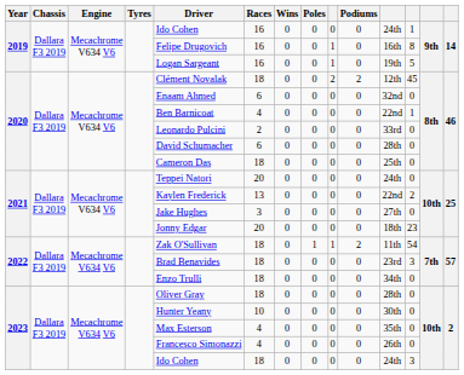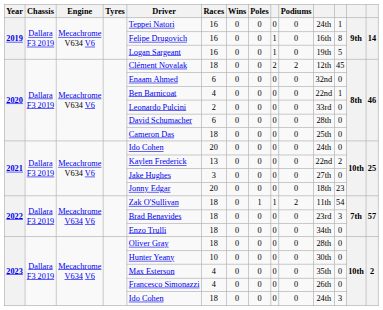 <table class="wikitable" style="text-align:center; font-size:85%">
 <tr valign="top">
 <th>Year</th>
 <th>Chassis</th>
 <th>Engine</th>
 <th>Tyres</th>
 <th>Driver</th>
 <th>Races</th>
 <th>Wins</th>
 <th>Poles</th>
 <th></th>
 <th>Podiums</th>
 <th></th>
 <th></th>
 <th></th>
 <th></th>
 </tr>
 <tr>
 <th rowspan=3><a href='#'>2019</a></th>
 <td rowspan=3><a href='#'>Dallara</a><br><a href='#'>F3 2019</a></td>
 <td rowspan=3><a href='#'>Mecachrome</a><br>V634 <a href='#'>V6</a></td>
 <td rowspan=3></td>
-<td align="left"> <a href='#'>Ido Cohen</a></td>
+<td align="left"> <a href='#'>Teppei Natori</a></td>
 <td>16</td>
 <td>0</td>
 <td>0</td>
 <td>0</td>
 <td>0</td>
 <td>24th</td>
 <td>1</td>
 <th rowspan=3>9th</th>
 <th rowspan=3>14</th>
 </tr>
 <tr>
 <td align="left"> <a href='#'>Felipe Drugovich</a></td>
 <td>16</td>
 <td>0</td>
 <td>0</td>
 <td>1</td>
 <td>0</td>
 <td>16th</td>
 <td>8</td>
 </tr>
 <tr>
 <td align="left"> <a href='#'>Logan Sargeant</a></td>
 <td>16</td>
 <td>0</td>
 <td>0</td>
 <td>1</td>
 <td>0</td>
 <td>19th</td>
 <td>5</td>
 </tr>
 <tr>
 <th rowspan=6><a href='#'>2020</a></th>
 <td rowspan=6><a href='#'>Dallara</a><br><a href='#'>F3 2019</a></td>
 <td rowspan=6><a href='#'>Mecachrome</a><br>V634 <a href='#'>V6</a></td>
 <td rowspan=6></td>
 <td align="left"> <a href='#'>Clément Novalak</a></td>
 <td>18</td>
 <td>0</td>
 <td>0</td>
 <td>2</td>
 <td>2</td>
 <td>12th</td>
 <td>45</td>
 <th rowspan=6>8th</th>
 <th rowspan=6>46</th>
 </tr>
 <tr>
 <td align="left"> <a href='#'>Enaam Ahmed</a></td>
 <td>6</td>
 <td>0</td>
 <td>0</td>
 <td>0</td>
 <td>0</td>
 <td>32nd</td>
 <td>0</td>
 </tr>
 <tr>
 <td align="left"> <a href='#'>Ben Barnicoat</a></td>
 <td>4</td>
 <td>0</td>
 <td>0</td>
 <td>0</td>
 <td>0</td>
 <td>22nd</td>
 <td>1</td>
 </tr>
 <tr>
 <td align="left"> <a href='#'>Leonardo Pulcini</a></td>
 <td>2</td>
 <td>0</td>
 <td>0</td>
 <td>0</td>
 <td>0</td>
 <td>33rd</td>
 <td>0</td>
 </tr>
 <tr>
 <td align="left"> <a href='#'>David Schumacher</a></td>
 <td>6</td>
 <td>0</td>
 <td>0</td>
 <td>0</td>
 <td>0</td>
 <td>28th</td>
 <td>0</td>
 </tr>
 <tr>
 <td align="left"> <a href='#'>Cameron Das</a></td>
 <td>18</td>
 <td>0</td>
 <td>0</td>
 <td>0</td>
 <td>0</td>
 <td>25th</td>
 <td>0</td>
 </tr>
 <tr>
 <th rowspan="4"><a href='#'>2021</a></th>
 <td rowspan=4><a href='#'>Dallara</a><br><a href='#'>F3 2019</a></td>
 <td rowspan=4><a href='#'>Mecachrome</a><br>V634 <a href='#'>V6</a></td>
 <td rowspan=4></td>
-<td align="left"> <a href='#'>Teppei Natori</a></td>
+<td align="left"> <a href='#'>Ido Cohen</a></td>
 <td>20</td>
 <td>0</td>
 <td>0</td>
 <td>0</td>
 <td>0</td>
 <td>24th</td>
 <td>0</td>
 <th rowspan="4">10th</th>
 <th rowspan="4">25</th>
 </tr>
 <tr>
 <td align="left"> <a href='#'>Kaylen Frederick</a></td>
 <td>13</td>
 <td>0</td>
 <td>0</td>
 <td>0</td>
 <td>0</td>
 <td>22nd</td>
 <td>2</td>
 </tr>
 <tr>
 <td align="left"> <a href='#'>Jake Hughes</a></td>
 <td>3</td>
 <td>0</td>
 <td>0</td>
 <td>0</td>
 <td>0</td>
 <td>27th</td>
 <td>0</td>
 </tr>
 <tr>
 <td align="left"> <a href='#'>Jonny Edgar</a></td>
 <td>20</td>
 <td>0</td>
 <td>0</td>
 <td>0</td>
 <td>0</td>
 <td>18th</td>
 <td>23</td>
 </tr>
 <tr>
 <th rowspan=3><a href='#'>2022</a></th>
 <td rowspan=3><a href='#'>Dallara</a><br><a href='#'>F3 2019</a></td>
 <td rowspan=3><a href='#'>Mecachrome</a><br><a href='#'>V634</a> <a href='#'>V6</a></td>
 <td rowspan=3></td>
 <td align=left> <a href='#'>Zak O'Sullivan</a></td>
 <td>18</td>
 <td>0</td>
 <td>1</td>
 <td>1</td>
 <td>2</td>
 <td>11th</td>
 <td>54</td>
 <th rowspan=3>7th</th>
 <th rowspan=3>57</th>
 </tr>
 <tr>
 <td align=left> <a href='#'>Brad Benavides</a></td>
 <td>18</td>
 <td>0</td>
 <td>0</td>
 <td>0</td>
 <td>0</td>
 <td>23rd</td>
 <td>3</td>
 </tr>
 <tr>
 <td align=left> <a href='#'>Enzo Trulli</a></td>
 <td>18</td>
 <td>0</td>
 <td>0</td>
 <td>0</td>
 <td>0</td>
 <td>34th</td>
 <td>0</td>
 </tr>
 <tr>
 <th rowspan=5><a href='#'>2023</a></th>
 <td rowspan=5><a href='#'>Dallara</a><br><a href='#'>F3 2019</a></td>
 <td rowspan=5><a href='#'>Mecachrome</a><br><a href='#'>V634</a> <a href='#'>V6</a></td>
 <td rowspan=5></td>
 <td align=left> <a href='#'>Oliver Gray</a></td>
 <td>18</td>
 <td>0</td>
 <td>0</td>
 <td>0</td>
 <td>0</td>
 <td style="background:#;">28th</td>
 <td style="background:#;">0</td>
 <th rowspan=5 style="background:#;">10th</th>
 <th rowspan=5 style="background:#;">2</th>
 </tr>
 <tr>
 <td align=left> <a href='#'>Hunter Yeany</a></td>
 <td>10</td>
 <td>0</td>
 <td>0</td>
 <td>0</td>
 <td>0</td>
 <td style="background:;">30th</td>
 <td style="background:;">0</td>
 </tr>
 <tr>
 <td align=left> <a href='#'>Max Esterson</a></td>
 <td>4</td>
 <td>0</td>
 <td>0</td>
 <td>0</td>
 <td>0</td>
 <td style="background:;">35th</td>
 <td style="background:;">0</td>
 </tr>
 <tr>
 <td align=left> <a href='#'>Francesco Simonazzi</a></td>
 <td>4</td>
 <td>0</td>
 <td>0</td>
 <td>0</td>
 <td>0</td>
 <td style="background:;">26th</td>
 <td style="background:;">0</td>
 </tr>
 <tr>
 <td align=left> <a href='#'>Ido Cohen</a></td>
 <td>18</td>
 <td>0</td>
 <td>0</td>
 <td>0</td>
 <td>0</td>
 <td style="background:;">24th</td>
 <td style="background:;">3</td>
 </tr>
 </table>
